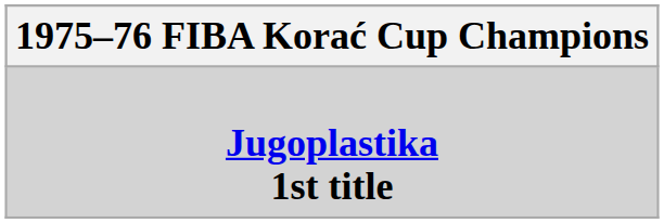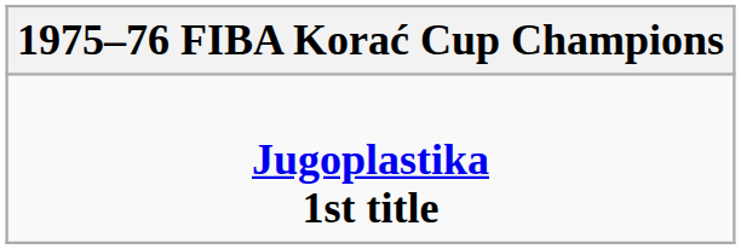 <table class=wikitable style="text-align:center; margin:auto">
 <tr>
 <th>1975–76 FIBA Korać Cup Champions</th>
 </tr>
 <tr>
-<td style="background: lightgrey;"><br> <strong><a href='#'>Jugoplastika</a></strong> <br> <strong>1st title</strong></td>
+<td><br> <strong><a href='#'>Jugoplastika</a></strong> <br> <strong>1st title</strong></td>
 </tr>
 </table>
